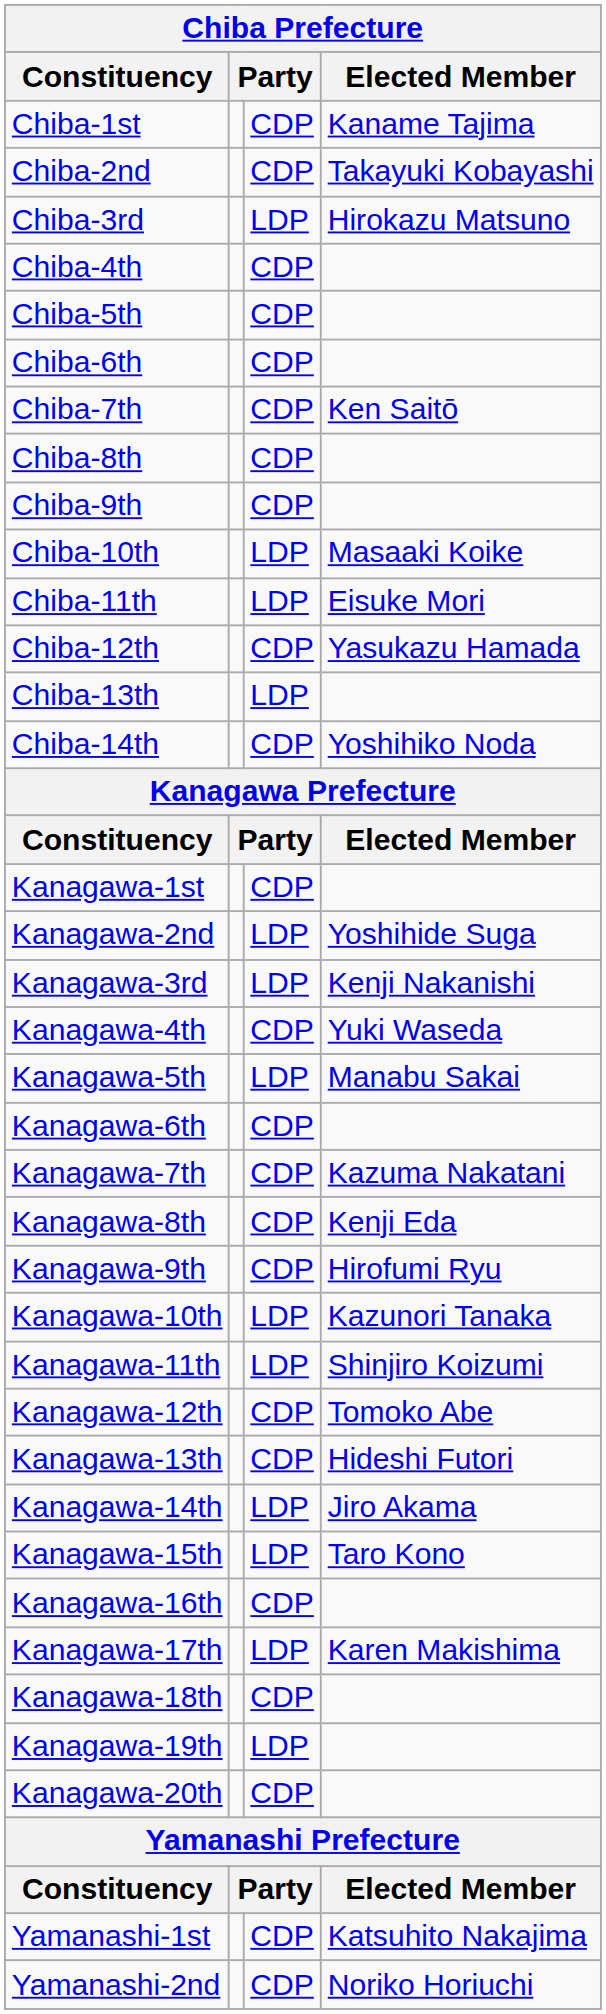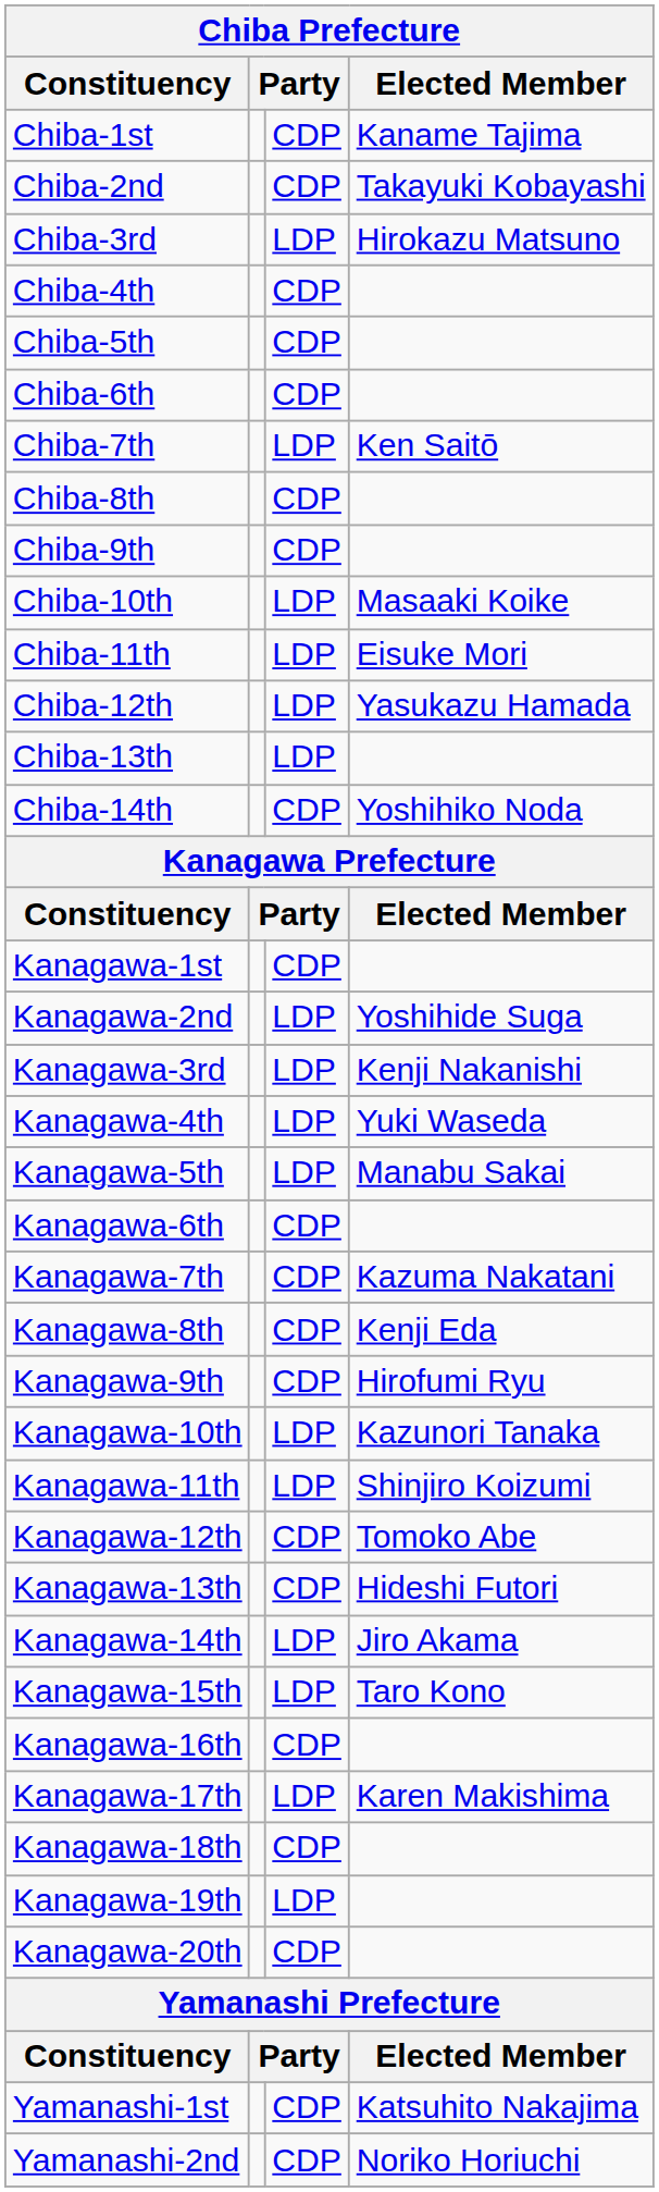 <table class="wikitable">
 <tr>
 <th colspan=4><a href='#'>Chiba Prefecture</a></th>
 </tr>
 <tr>
 <th>Constituency</th>
 <th colspan=2>Party</th>
 <th>Elected Member</th>
 </tr>
 <tr>
 <td><a href='#'>Chiba-1st</a></td>
 <td style="background:"></td>
 <td><a href='#'>CDP</a></td>
 <td><a href='#'>Kaname Tajima</a></td>
 </tr>
 <tr>
 <td><a href='#'>Chiba-2nd</a></td>
 <td style="background:"></td>
 <td><a href='#'>CDP</a></td>
 <td><a href='#'>Takayuki Kobayashi</a></td>
 </tr>
 <tr>
 <td><a href='#'>Chiba-3rd</a></td>
 <td style="background:"></td>
 <td><a href='#'>LDP</a></td>
 <td><a href='#'>Hirokazu Matsuno</a></td>
 </tr>
 <tr>
 <td><a href='#'>Chiba-4th</a></td>
 <td style="background:"></td>
 <td><a href='#'>CDP</a></td>
 <td></td>
 </tr>
 <tr>
 <td><a href='#'>Chiba-5th</a></td>
 <td style="background:"></td>
 <td><a href='#'>CDP</a></td>
 <td></td>
 </tr>
 <tr>
 <td><a href='#'>Chiba-6th</a></td>
 <td style="background:"></td>
 <td><a href='#'>CDP</a></td>
 <td></td>
 </tr>
 <tr>
 <td><a href='#'>Chiba-7th</a></td>
 <td style="background:"></td>
-<td><a href='#'>CDP</a></td>
+<td><a href='#'>LDP</a></td>
 <td><a href='#'>Ken Saitō</a></td>
 </tr>
 <tr>
 <td><a href='#'>Chiba-8th</a></td>
 <td style="background:"></td>
 <td><a href='#'>CDP</a></td>
 <td></td>
 </tr>
 <tr>
 <td><a href='#'>Chiba-9th</a></td>
 <td style="background:"></td>
 <td><a href='#'>CDP</a></td>
 <td></td>
 </tr>
 <tr>
 <td><a href='#'>Chiba-10th</a></td>
 <td style="background:"></td>
 <td><a href='#'>LDP</a></td>
 <td><a href='#'>Masaaki Koike</a></td>
 </tr>
 <tr>
 <td><a href='#'>Chiba-11th</a></td>
 <td style="background:"></td>
 <td><a href='#'>LDP</a></td>
 <td><a href='#'>Eisuke Mori</a></td>
 </tr>
 <tr>
 <td><a href='#'>Chiba-12th</a></td>
 <td style="background:"></td>
-<td><a href='#'>CDP</a></td>
+<td><a href='#'>LDP</a></td>
 <td><a href='#'>Yasukazu Hamada</a></td>
 </tr>
 <tr>
 <td><a href='#'>Chiba-13th</a></td>
 <td style="background:"></td>
 <td><a href='#'>LDP</a></td>
 <td></td>
 </tr>
 <tr>
 <td><a href='#'>Chiba-14th</a></td>
 <td style="background:"></td>
 <td><a href='#'>CDP</a></td>
 <td><a href='#'>Yoshihiko Noda</a></td>
 </tr>
 <tr>
 <th colspan=4><a href='#'>Kanagawa Prefecture</a></th>
 </tr>
 <tr>
 <th>Constituency</th>
 <th colspan=2>Party</th>
 <th>Elected Member</th>
 </tr>
 <tr>
 <td><a href='#'>Kanagawa-1st</a></td>
 <td style="background:"></td>
 <td><a href='#'>CDP</a></td>
 <td></td>
 </tr>
 <tr>
 <td><a href='#'>Kanagawa-2nd</a></td>
 <td style="background:"></td>
 <td><a href='#'>LDP</a></td>
 <td><a href='#'>Yoshihide Suga</a></td>
 </tr>
 <tr>
 <td><a href='#'>Kanagawa-3rd</a></td>
 <td style="background:"></td>
 <td><a href='#'>LDP</a></td>
 <td><a href='#'>Kenji Nakanishi</a></td>
 </tr>
 <tr>
 <td><a href='#'>Kanagawa-4th</a></td>
 <td style="background:"></td>
-<td><a href='#'>CDP</a></td>
+<td><a href='#'>LDP</a></td>
 <td><a href='#'>Yuki Waseda</a></td>
 </tr>
 <tr>
 <td><a href='#'>Kanagawa-5th</a></td>
 <td style="background:"></td>
 <td><a href='#'>LDP</a></td>
 <td><a href='#'>Manabu Sakai</a></td>
 </tr>
 <tr>
 <td><a href='#'>Kanagawa-6th</a></td>
 <td style="background:"></td>
 <td><a href='#'>CDP</a></td>
 <td></td>
 </tr>
 <tr>
 <td><a href='#'>Kanagawa-7th</a></td>
 <td style="background:"></td>
 <td><a href='#'>CDP</a></td>
 <td><a href='#'>Kazuma Nakatani</a></td>
 </tr>
 <tr>
 <td><a href='#'>Kanagawa-8th</a></td>
 <td style="background:"></td>
 <td><a href='#'>CDP</a></td>
 <td><a href='#'>Kenji Eda</a></td>
 </tr>
 <tr>
 <td><a href='#'>Kanagawa-9th</a></td>
 <td style="background:"></td>
 <td><a href='#'>CDP</a></td>
 <td><a href='#'>Hirofumi Ryu</a></td>
 </tr>
 <tr>
 <td><a href='#'>Kanagawa-10th</a></td>
 <td style="background:"></td>
 <td><a href='#'>LDP</a></td>
 <td><a href='#'>Kazunori Tanaka</a></td>
 </tr>
 <tr>
 <td><a href='#'>Kanagawa-11th</a></td>
 <td style="background:"></td>
 <td><a href='#'>LDP</a></td>
 <td><a href='#'>Shinjiro Koizumi</a></td>
 </tr>
 <tr>
 <td><a href='#'>Kanagawa-12th</a></td>
 <td style="background:"></td>
 <td><a href='#'>CDP</a></td>
 <td><a href='#'>Tomoko Abe</a></td>
 </tr>
 <tr>
 <td><a href='#'>Kanagawa-13th</a></td>
 <td style="background:"></td>
 <td><a href='#'>CDP</a></td>
 <td><a href='#'>Hideshi Futori</a></td>
 </tr>
 <tr>
 <td><a href='#'>Kanagawa-14th</a></td>
 <td style="background:"></td>
 <td><a href='#'>LDP</a></td>
 <td><a href='#'>Jiro Akama</a></td>
 </tr>
 <tr>
 <td><a href='#'>Kanagawa-15th</a></td>
 <td style="background:"></td>
 <td><a href='#'>LDP</a></td>
 <td><a href='#'>Taro Kono</a></td>
 </tr>
 <tr>
 <td><a href='#'>Kanagawa-16th</a></td>
 <td style="background:"></td>
 <td><a href='#'>CDP</a></td>
 <td></td>
 </tr>
 <tr>
 <td><a href='#'>Kanagawa-17th</a></td>
 <td style="background:"></td>
 <td><a href='#'>LDP</a></td>
 <td><a href='#'>Karen Makishima</a></td>
 </tr>
 <tr>
 <td><a href='#'>Kanagawa-18th</a></td>
 <td style="background:"></td>
 <td><a href='#'>CDP</a></td>
 <td></td>
 </tr>
 <tr>
 <td><a href='#'>Kanagawa-19th</a></td>
 <td style="background:"></td>
 <td><a href='#'>LDP</a></td>
 <td></td>
 </tr>
 <tr>
 <td><a href='#'>Kanagawa-20th</a></td>
 <td style="background:"></td>
 <td><a href='#'>CDP</a></td>
 <td></td>
 </tr>
 <tr>
 <th colspan=4><a href='#'>Yamanashi Prefecture</a></th>
 </tr>
 <tr>
 <th>Constituency</th>
 <th colspan=2>Party</th>
 <th>Elected Member</th>
 </tr>
 <tr>
 <td><a href='#'>Yamanashi-1st</a></td>
 <td style="background:"></td>
 <td><a href='#'>CDP</a></td>
 <td><a href='#'>Katsuhito Nakajima</a></td>
 </tr>
 <tr>
 <td><a href='#'>Yamanashi-2nd</a></td>
 <td style="background:"></td>
 <td><a href='#'>CDP</a></td>
 <td><a href='#'>Noriko Horiuchi</a></td>
 </tr>
 </table>
